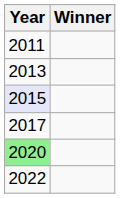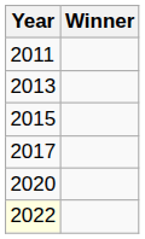 <table class="wikitable sortable">
 <tr>
 <th>Year</th>
 <th>Winner</th>
 </tr>
 <tr>
 <td>2011</td>
 <td></td>
 </tr>
 <tr>
 <td>2013</td>
 <td></td>
 </tr>
 <tr>
-<td style="background: lavender;">2015</td>
+<td>2015</td>
 <td></td>
 </tr>
 <tr>
 <td>2017</td>
 <td></td>
 </tr>
 <tr>
-<td style="background: lightgreen;">2020</td>
+<td>2020</td>
 <td></td>
 </tr>
 <tr>
-<td>2022</td>
+<td style="background: lightyellow;">2022</td>
 <td></td>
 </tr>
 </table>
